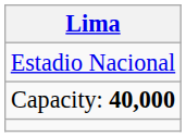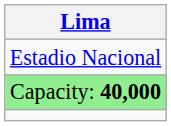 <table class="wikitable" style="text-align:center">
 <tr>
 <th><a href='#'>Lima</a></th>
 </tr>
 <tr>
 <td><a href='#'>Estadio Nacional</a></td>
 </tr>
 <tr>
-<td>Capacity: <strong>40,000</strong></td>
+<td style="background: lightgreen;">Capacity: <strong>40,000</strong></td>
 </tr>
 <tr>
 <td></td>
 </tr>
 </table>
